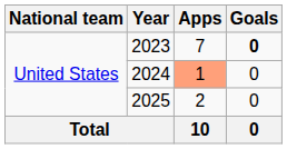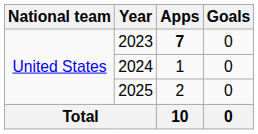 <table class="wikitable" style="text-align:center">
 <tr>
 <th>National team</th>
 <th>Year</th>
 <th>Apps</th>
 <th>Goals</th>
 </tr>
 <tr>
 <td rowspan=3><a href='#'>United States</a></td>
 <td>2023</td>
-<td>7</td>
-<td><strong>0</strong></td>
+<td><strong>7</strong></td>
+<td>0</td>
 </tr>
 <tr>
 <td>2024</td>
-<td style="background: lightsalmon;">1</td>
+<td>1</td>
 <td>0</td>
 </tr>
 <tr>
 <td>2025</td>
 <td>2</td>
 <td>0</td>
 </tr>
 <tr>
 <th colspan="2">Total</th>
 <th>10</th>
 <th>0</th>
 </tr>
 </table>
